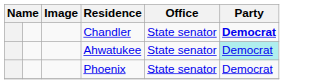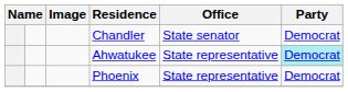 <table class="sortable wikitable">
 <tr valign=bottom>
 <th colspan="2">Name</th>
 <th>Image</th>
 <th>Residence</th>
 <th>Office</th>
 <th>Party</th>
 </tr>
 <tr>
 <th style="background-color:  "></th>
 <td></td>
 <td></td>
 <td><a href='#'>Chandler</a></td>
 <td><a href='#'>State senator</a></td>
-<td><strong><a href='#'>Democrat</a></strong></td>
+<td><a href='#'>Democrat</a></td>
 </tr>
 <tr>
 <th style="background-color:  "></th>
 <td></td>
 <td></td>
 <td><a href='#'>Ahwatukee</a></td>
-<td><a href='#'>State senator</a></td>
+<td><a href='#'>State representative</a></td>
 <td style="background: paleturquoise;"><a href='#'>Democrat</a></td>
 </tr>
 <tr>
 <th style="background-color:  "></th>
 <td></td>
 <td></td>
 <td><a href='#'>Phoenix</a></td>
-<td><a href='#'>State senator</a></td>
+<td><a href='#'>State representative</a></td>
 <td><a href='#'>Democrat</a></td>
 </tr>
 <tr>
 </tr>
 </table>
